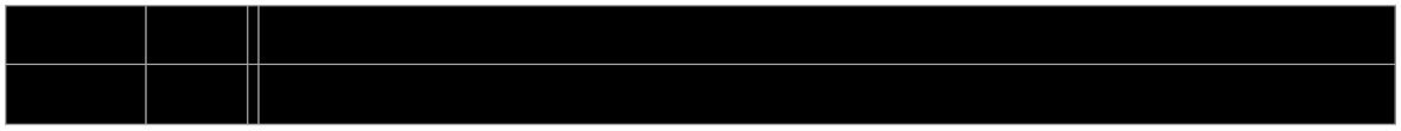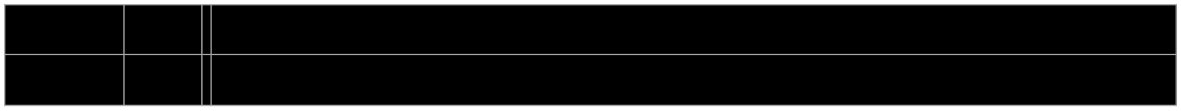 <table class="wikitable" width="80%">
 <tr align="center" bgcolor=" ">
 <td>Tanner Gates</td>
 <td>Defense</td>
 <td></td>
 <td>Skated for the Anaheim Lady Ducks<br>Was a two-sport star, having participated in lacrosse at El Camino High School</td>
 </tr>
 <tr align="center" bgcolor=" ">
 <td>Eleri Mackay</td>
-<td><strong>Forward</strong></td>
+<td>Forward</td>
 <td></td>
 <td>Played for the North American Hockey Academy, winning three national championships<br>Also spent one season with the Chicago Mission for one season ... Also played soccer at Brookfield East High School</td>
 </tr>
 <tr align="center" bgcolor=" ">
 </tr>
 </table>
